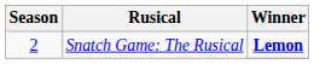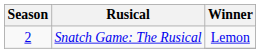 <table class="wikitable sortable" style="text-align:center">
 <tr>
 <th>Season</th>
 <th>Rusical</th>
 <th>Winner</th>
 </tr>
 <tr>
 <td rowspan="2"><a href='#'>2</a></td>
 <td rowspan="2" nowrap><em><a href='#'>Snatch Game: The Rusical</a></em></td>
-<td><strong><a href='#'>Lemon</a></strong></td>
+<td><a href='#'>Lemon</a></td>
 </tr>
 <tr>
 </tr>
 </table>
